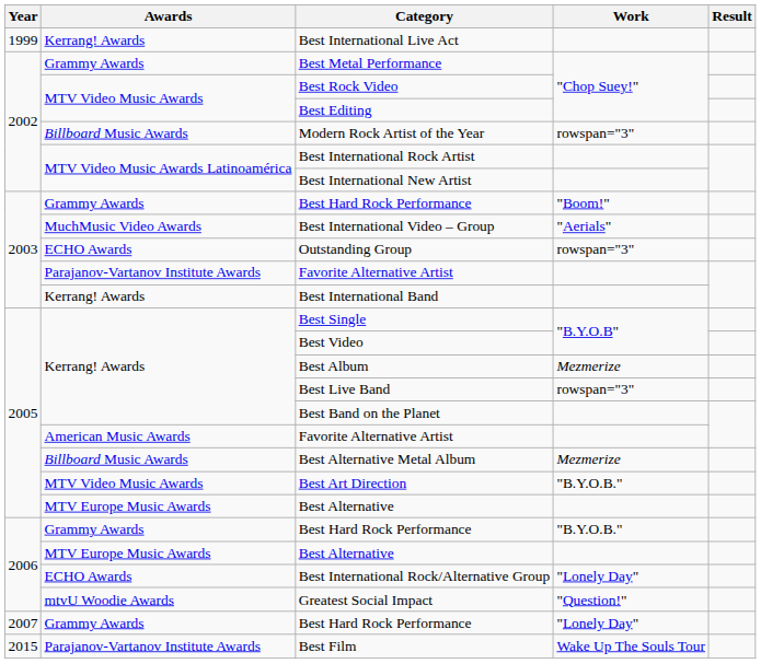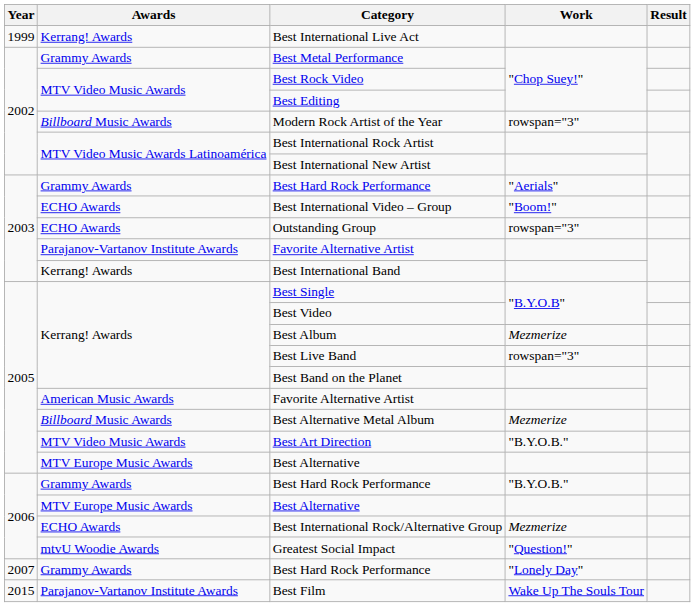 <table class="wikitable sortable">
 <tr>
 <th>Year</th>
 <th>Awards</th>
 <th>Category</th>
 <th>Work</th>
 <th>Result</th>
 </tr>
 <tr>
 <td>1999</td>
 <td><a href='#'>Kerrang! Awards</a></td>
 <td>Best International Live Act</td>
 <td></td>
 <td></td>
 </tr>
 <tr>
 <td rowspan="6">2002</td>
 <td><a href='#'>Grammy Awards</a></td>
 <td><a href='#'>Best Metal Performance</a></td>
 <td rowspan="3">"<a href='#'>Chop Suey!</a>"</td>
 <td></td>
 </tr>
 <tr>
 <td rowspan="2"><a href='#'>MTV Video Music Awards</a></td>
 <td><a href='#'>Best Rock Video</a></td>
 <td></td>
 </tr>
 <tr>
 <td><a href='#'>Best Editing</a></td>
 <td></td>
 </tr>
 <tr>
 <td><a href='#'><em>Billboard</em> Music Awards</a></td>
 <td>Modern Rock Artist of the Year</td>
 <td>rowspan="3" </td>
 <td></td>
 </tr>
 <tr>
 <td rowspan="2"><a href='#'>MTV Video Music Awards Latinoamérica</a></td>
 <td>Best International Rock Artist</td>
 <td></td>
 </tr>
 <tr>
 <td>Best International New Artist</td>
 <td></td>
 </tr>
 <tr>
 <td rowspan="5">2003</td>
 <td><a href='#'>Grammy Awards</a></td>
 <td><a href='#'>Best Hard Rock Performance</a></td>
-<td>"<a href='#'>Boom!</a>"</td>
+<td>"<a href='#'>Aerials</a>"</td>
 <td></td>
 </tr>
 <tr>
-<td><a href='#'>MuchMusic Video Awards</a></td>
+<td><a href='#'>ECHO Awards</a></td>
 <td>Best International Video – Group</td>
-<td>"<a href='#'>Aerials</a>"</td>
+<td>"<a href='#'>Boom!</a>"</td>
 <td></td>
 </tr>
 <tr>
 <td><a href='#'>ECHO Awards</a></td>
 <td>Outstanding Group</td>
 <td>rowspan="3" </td>
 <td></td>
 </tr>
 <tr>
 <td><a href='#'>Parajanov-Vartanov Institute Awards</a></td>
 <td><a href='#'>Favorite Alternative Artist</a></td>
 <td></td>
 </tr>
 <tr>
 <td>Kerrang! Awards</td>
 <td>Best International Band</td>
 <td></td>
 </tr>
 <tr>
 <td rowspan="9">2005</td>
 <td rowspan="5">Kerrang! Awards</td>
 <td><a href='#'>Best Single</a></td>
 <td rowspan="2">"<a href='#'>B.Y.O.B</a>"</td>
 <td></td>
 </tr>
 <tr>
 <td>Best Video</td>
 <td></td>
 </tr>
 <tr>
 <td>Best Album</td>
 <td><em>Mezmerize</em></td>
 <td></td>
 </tr>
 <tr>
 <td>Best Live Band</td>
 <td>rowspan="3" </td>
 <td></td>
 </tr>
 <tr>
 <td>Best Band on the Planet</td>
 <td></td>
 </tr>
 <tr>
 <td><a href='#'>American Music Awards</a></td>
 <td>Favorite Alternative Artist</td>
 <td></td>
 </tr>
 <tr>
 <td><a href='#'><em>Billboard</em> Music Awards</a></td>
 <td>Best Alternative Metal Album</td>
 <td><em>Mezmerize</em></td>
 <td></td>
 </tr>
 <tr>
 <td><a href='#'>MTV Video Music Awards</a></td>
 <td><a href='#'>Best Art Direction</a></td>
 <td>"B.Y.O.B."</td>
 <td></td>
 </tr>
 <tr>
 <td><a href='#'>MTV Europe Music Awards</a></td>
 <td>Best Alternative</td>
 <td></td>
 <td></td>
 </tr>
 <tr>
 <td rowspan="4">2006</td>
 <td><a href='#'>Grammy Awards</a></td>
 <td>Best Hard Rock Performance</td>
 <td>"B.Y.O.B."</td>
 <td></td>
 </tr>
 <tr>
 <td><a href='#'>MTV Europe Music Awards</a></td>
 <td><a href='#'>Best Alternative</a></td>
 <td></td>
 <td></td>
 </tr>
 <tr>
 <td><a href='#'>ECHO Awards</a></td>
 <td>Best International Rock/Alternative Group</td>
-<td>"<a href='#'>Lonely Day</a>"</td>
+<td><em>Mezmerize</em></td>
 <td></td>
 </tr>
 <tr>
 <td><a href='#'>mtvU Woodie Awards</a></td>
 <td>Greatest Social Impact</td>
 <td>"<a href='#'>Question!</a>"</td>
 <td></td>
 </tr>
 <tr>
 <td>2007</td>
 <td><a href='#'>Grammy Awards</a></td>
 <td>Best Hard Rock Performance</td>
 <td>"<a href='#'>Lonely Day</a>"</td>
 <td></td>
 </tr>
 <tr>
 <td>2015</td>
 <td><a href='#'>Parajanov-Vartanov Institute Awards</a></td>
 <td>Best Film</td>
 <td><a href='#'>Wake Up The Souls Tour</a></td>
 <td></td>
 </tr>
 </table>
